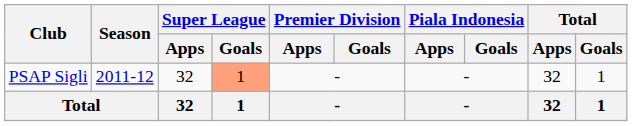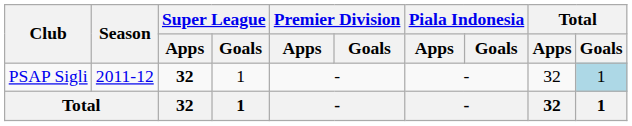 <table class="wikitable" style="font-size:90%; text-align:center;">
 <tr>
 <th rowspan="2">Club</th>
 <th rowspan="2">Season</th>
 <th colspan="2"><a href='#'>Super League</a></th>
 <th colspan="2"><a href='#'>Premier Division</a></th>
 <th colspan="2"><a href='#'>Piala Indonesia</a></th>
 <th colspan="2">Total</th>
 </tr>
 <tr>
 <th>Apps</th>
 <th>Goals</th>
 <th>Apps</th>
 <th>Goals</th>
 <th>Apps</th>
 <th>Goals</th>
 <th>Apps</th>
 <th>Goals</th>
 </tr>
 <tr>
 <td rowspan="1"><a href='#'>PSAP Sigli</a></td>
 <td><a href='#'>2011-12</a></td>
-<td>32</td>
-<td style="background: lightsalmon;">1</td>
+<td><strong>32</strong></td>
+<td>1</td>
 <td colspan="2">-</td>
 <td colspan="2">-</td>
 <td>32</td>
-<td>1</td>
+<td style="background: lightblue;">1</td>
 </tr>
 <tr>
 <th colspan="2">Total</th>
 <th>32</th>
 <th>1</th>
 <th colspan="2">-</th>
 <th colspan="2">-</th>
 <th>32</th>
 <th>1</th>
 </tr>
 </table>
